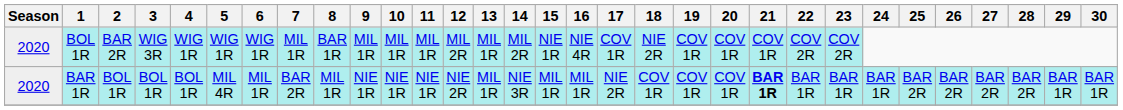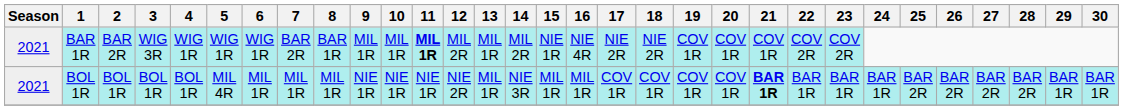 <table class="wikitable" style="width:20%; margin:0; font-size:84%">
 <tr>
 <th>Season</th>
 <th>1</th>
 <th>2</th>
 <th>3</th>
 <th>4</th>
 <th>5</th>
 <th>6</th>
 <th>7</th>
 <th>8</th>
 <th>9</th>
 <th>10</th>
 <th>11</th>
 <th>12</th>
 <th>13</th>
 <th>14</th>
 <th>15</th>
 <th>16</th>
 <th>17</th>
 <th>18</th>
 <th>19</th>
 <th>20</th>
 <th>21</th>
 <th>22</th>
 <th>23</th>
 <th>24</th>
 <th>25</th>
 <th>26</th>
 <th>27</th>
 <th>28</th>
 <th>29</th>
 <th>30</th>
 </tr>
 <tr>
-<td style="text-align:center; background:#efefef;"><a href='#'>2020</a></td>
-<td style="text-align:center; background:#afeeee;"><a href='#'>BOL</a><br>1R</td>
+<td style="text-align:center; background:#efefef;"><a href='#'>2021</a></td>
+<td style="text-align:center; background:#afeeee;"><a href='#'>BAR</a><br>1R</td>
 <td style="text-align:center; background:#afeeee;"><a href='#'>BAR</a><br>2R</td>
 <td style="text-align:center; background:#afeeee;"><a href='#'>WIG</a><br>3R</td>
 <td style="text-align:center; background:#afeeee;"><a href='#'>WIG</a><br>1R</td>
 <td style="text-align:center; background:#afeeee;"><a href='#'>WIG</a><br>1R</td>
 <td style="text-align:center; background:#afeeee;"><a href='#'>WIG</a><br>1R</td>
-<td style="text-align:center; background:#afeeee;"><a href='#'>MIL</a><br>1R</td>
+<td style="text-align:center; background:#afeeee;"><a href='#'>BAR</a><br>2R</td>
 <td style="text-align:center; background:#afeeee;"><a href='#'>BAR</a><br>1R</td>
 <td style="text-align:center; background:#afeeee;"><a href='#'>MIL</a><br>1R</td>
 <td style="text-align:center; background:#afeeee;"><a href='#'>MIL</a><br>1R</td>
-<td style="text-align:center; background:#afeeee;"><a href='#'>MIL</a><br>1R</td>
+<td style="text-align:center; background:#afeeee;"><strong><a href='#'>MIL</a><br>1R</strong></td>
 <td style="text-align:center; background:#afeeee;"><a href='#'>MIL</a><br>2R</td>
 <td style="text-align:center; background:#afeeee;"><a href='#'>MIL</a><br>1R</td>
 <td style="text-align:center; background:#afeeee;"><a href='#'>MIL</a><br>2R</td>
 <td style="text-align:center; background:#afeeee;"><a href='#'>NIE</a><br>1R</td>
 <td style="text-align:center; background:#afeeee;"><a href='#'>NIE</a><br>4R</td>
-<td style="text-align:center; background:#afeeee;"><a href='#'>COV</a><br>1R</td>
+<td style="text-align:center; background:#afeeee;"><a href='#'>NIE</a><br>2R</td>
 <td style="text-align:center; background:#afeeee;"><a href='#'>NIE</a><br>2R</td>
 <td style="text-align:center; background:#afeeee;"><a href='#'>COV</a><br>1R</td>
 <td style="text-align:center; background:#afeeee;"><a href='#'>COV</a><br>1R</td>
 <td style="text-align:center; background:#afeeee;"><a href='#'>COV</a><br>1R</td>
 <td style="text-align:center; background:#afeeee;"><a href='#'>COV</a><br>2R</td>
 <td style="text-align:center; background:#afeeee;"><a href='#'>COV</a><br>2R</td>
 </tr>
 <tr>
-<td style="text-align:center; background:#efefef;"><a href='#'>2020</a></td>
-<td style="text-align:center; background:#afeeee;"><a href='#'>BAR</a><br>1R</td>
+<td style="text-align:center; background:#efefef;"><a href='#'>2021</a></td>
+<td style="text-align:center; background:#afeeee;"><a href='#'>BOL</a><br>1R</td>
 <td style="text-align:center; background:#afeeee;"><a href='#'>BOL</a><br>1R</td>
 <td style="text-align:center; background:#afeeee;"><a href='#'>BOL</a><br>1R</td>
 <td style="text-align:center; background:#afeeee;"><a href='#'>BOL</a><br>1R</td>
 <td style="text-align:center; background:#afeeee;"><a href='#'>MIL</a><br>4R</td>
 <td style="text-align:center; background:#afeeee;"><a href='#'>MIL</a><br>1R</td>
-<td style="text-align:center; background:#afeeee;"><a href='#'>BAR</a><br>2R</td>
+<td style="text-align:center; background:#afeeee;"><a href='#'>MIL</a><br>1R</td>
 <td style="text-align:center; background:#afeeee;"><a href='#'>MIL</a><br>1R</td>
 <td style="text-align:center; background:#afeeee;"><a href='#'>NIE</a><br>1R</td>
 <td style="text-align:center; background:#afeeee;"><a href='#'>NIE</a><br>1R</td>
 <td style="text-align:center; background:#afeeee;"><a href='#'>NIE</a><br>1R</td>
 <td style="text-align:center; background:#afeeee;"><a href='#'>NIE</a><br>2R</td>
 <td style="text-align:center; background:#afeeee;"><a href='#'>MIL</a><br>1R</td>
 <td style="text-align:center; background:#afeeee;"><a href='#'>NIE</a><br>3R</td>
 <td style="text-align:center; background:#afeeee;"><a href='#'>MIL</a><br>1R</td>
 <td style="text-align:center; background:#afeeee;"><a href='#'>MIL</a><br>1R</td>
-<td style="text-align:center; background:#afeeee;"><a href='#'>NIE</a><br>2R</td>
+<td style="text-align:center; background:#afeeee;"><a href='#'>COV</a><br>1R</td>
 <td style="text-align:center; background:#afeeee;"><a href='#'>COV</a><br>1R</td>
 <td style="text-align:center; background:#afeeee;"><a href='#'>COV</a><br>1R</td>
 <td style="text-align:center; background:#afeeee;"><a href='#'>COV</a><br>1R</td>
 <td style="text-align:center; background:#afeeee;"><strong><a href='#'>BAR</a><br>1R</strong></td>
 <td style="text-align:center; background:#afeeee;"><a href='#'>BAR</a><br>1R</td>
 <td style="text-align:center; background:#afeeee;"><a href='#'>BAR</a><br>1R</td>
 <td style="text-align:center; background:#afeeee;"><a href='#'>BAR</a><br>1R</td>
 <td style="text-align:center; background:#afeeee;"><a href='#'>BAR</a><br>2R</td>
 <td style="text-align:center; background:#afeeee;"><a href='#'>BAR</a><br>2R</td>
 <td style="text-align:center; background:#afeeee;"><a href='#'>BAR</a><br>2R</td>
 <td style="text-align:center; background:#afeeee;"><a href='#'>BAR</a><br>2R</td>
 <td style="text-align:center; background:#afeeee;"><a href='#'>BAR</a><br>1R</td>
 <td style="text-align:center; background:#afeeee;"><a href='#'>BAR</a><br>1R</td>
 </tr>
 <tr>
 </tr>
 </table>
